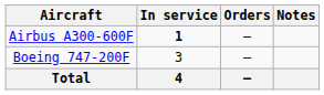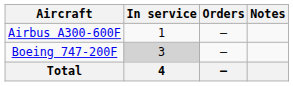 <table class="wikitable" style="margin:0.5em auto; text-align:center">
 <tr>
 <th>Aircraft</th>
 <th>In service</th>
 <th>Orders</th>
 <th>Notes</th>
 </tr>
 <tr>
 <td><a href='#'>Airbus A300-600F</a></td>
-<td><strong>1</strong></td>
+<td>1</td>
 <td>—</td>
 <td></td>
 </tr>
 <tr>
 <td><a href='#'>Boeing 747-200F</a></td>
-<td>3</td>
+<td style="background: lightgrey;">3</td>
 <td>—</td>
 <td></td>
 </tr>
 <tr>
 <th>Total</th>
 <th>4</th>
 <th>—</th>
 <th colspan="2"></th>
 </tr>
 </table>
